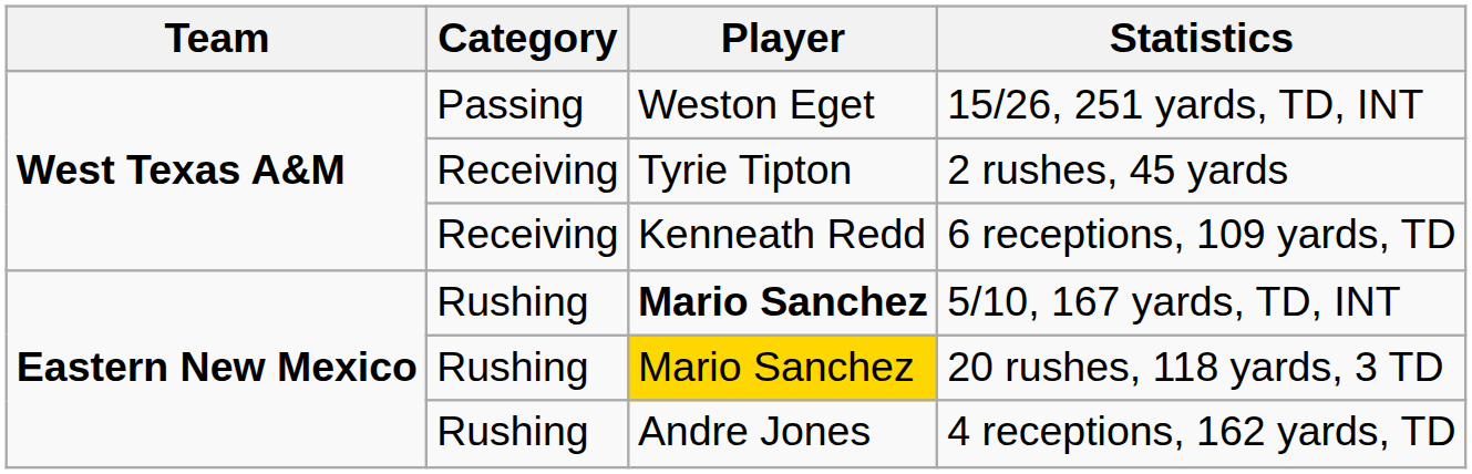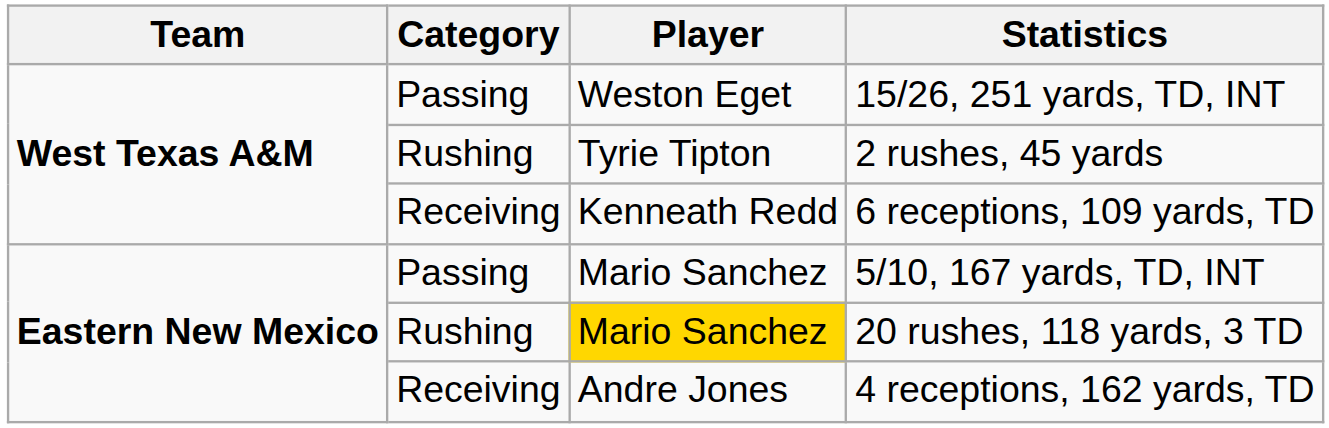 <table class="wikitable" style="float: right;">
 <tr>
 <th>Team</th>
 <th>Category</th>
 <th>Player</th>
 <th>Statistics</th>
 </tr>
 <tr>
 <td rowspan=3><strong>West Texas A&M</strong></td>
 <td>Passing</td>
 <td>Weston Eget</td>
 <td>15/26, 251 yards, TD, INT</td>
 </tr>
 <tr>
-<td>Receiving</td>
+<td>Rushing</td>
 <td>Tyrie Tipton</td>
 <td>2 rushes, 45 yards</td>
 </tr>
 <tr>
 <td>Receiving</td>
 <td>Kenneath Redd</td>
 <td>6 receptions, 109 yards, TD</td>
 </tr>
 <tr>
 <td rowspan=3><strong>Eastern New Mexico</strong></td>
-<td>Rushing</td>
-<td><strong>Mario Sanchez</strong></td>
+<td>Passing</td>
+<td>Mario Sanchez</td>
 <td>5/10, 167 yards, TD, INT</td>
 </tr>
 <tr>
 <td>Rushing</td>
 <td style="background: gold;">Mario Sanchez</td>
 <td>20 rushes, 118 yards, 3 TD</td>
 </tr>
 <tr>
-<td>Rushing</td>
+<td>Receiving</td>
 <td>Andre Jones</td>
 <td>4 receptions, 162 yards, TD</td>
 </tr>
 </table>
